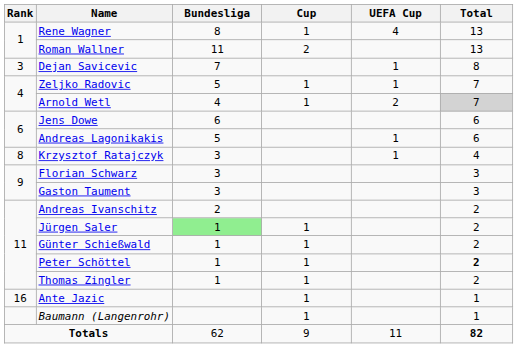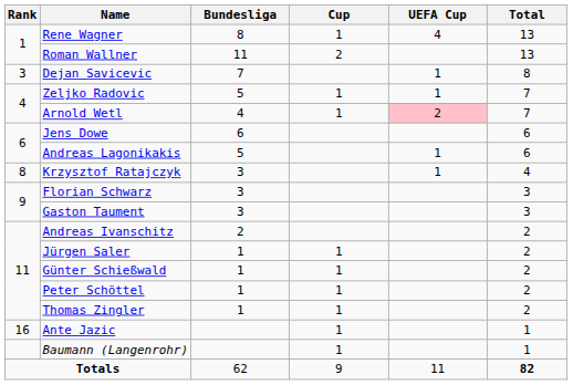 <table class="wikitable" style="text-align: center;">
 <tr>
 <th>Rank</th>
 <th>Name</th>
 <th width=100>Bundesliga</th>
 <th width=100>Cup</th>
 <th width=100>UEFA Cup</th>
 <th width=80><strong>Total</strong></th>
 </tr>
 <tr>
 <td rowspan="2">1</td>
 <td align="left"> <a href='#'>Rene Wagner</a></td>
 <td>8</td>
 <td>1</td>
 <td>4</td>
 <td>13</td>
 </tr>
 <tr>
 <td align="left"> <a href='#'>Roman Wallner</a></td>
 <td>11</td>
 <td>2</td>
 <td></td>
 <td>13</td>
 </tr>
 <tr>
 <td>3</td>
 <td align="left"> <a href='#'>Dejan Savicevic</a></td>
 <td>7</td>
 <td></td>
 <td>1</td>
 <td>8</td>
 </tr>
 <tr>
 <td rowspan="2">4</td>
 <td align="left"> <a href='#'>Zeljko Radovic</a></td>
 <td>5</td>
 <td>1</td>
 <td>1</td>
 <td>7</td>
 </tr>
 <tr>
 <td align="left"> <a href='#'>Arnold Wetl</a></td>
 <td>4</td>
 <td>1</td>
-<td>2</td>
-<td style="background: lightgrey;">7</td>
+<td style="background: pink;">2</td>
+<td>7</td>
 </tr>
 <tr>
 <td rowspan="2">6</td>
 <td align="left"> <a href='#'>Jens Dowe</a></td>
 <td>6</td>
 <td></td>
 <td></td>
 <td>6</td>
 </tr>
 <tr>
 <td align="left"> <a href='#'>Andreas Lagonikakis</a></td>
 <td>5</td>
 <td></td>
 <td>1</td>
 <td>6</td>
 </tr>
 <tr>
 <td>8</td>
 <td align="left"> <a href='#'>Krzysztof Ratajczyk</a></td>
 <td>3</td>
 <td></td>
 <td>1</td>
 <td>4</td>
 </tr>
 <tr>
 <td rowspan="2">9</td>
 <td align="left"> <a href='#'>Florian Schwarz</a></td>
 <td>3</td>
 <td></td>
 <td></td>
 <td>3</td>
 </tr>
 <tr>
 <td align="left"> <a href='#'>Gaston Taument</a></td>
 <td>3</td>
 <td></td>
 <td></td>
 <td>3</td>
 </tr>
 <tr>
 <td rowspan="5">11</td>
 <td align="left"> <a href='#'>Andreas Ivanschitz</a></td>
 <td>2</td>
 <td></td>
 <td></td>
 <td>2</td>
 </tr>
 <tr>
 <td align="left"> <a href='#'>Jürgen Saler</a></td>
-<td style="background: lightgreen;">1</td>
+<td>1</td>
 <td>1</td>
 <td></td>
 <td>2</td>
 </tr>
 <tr>
 <td align="left"> <a href='#'>Günter Schießwald</a></td>
 <td>1</td>
 <td>1</td>
 <td></td>
 <td>2</td>
 </tr>
 <tr>
 <td align="left"> <a href='#'>Peter Schöttel</a></td>
 <td>1</td>
 <td>1</td>
 <td></td>
-<td><strong>2</strong></td>
+<td>2</td>
 </tr>
 <tr>
 <td align="left"> <a href='#'>Thomas Zingler</a></td>
 <td>1</td>
 <td>1</td>
 <td></td>
 <td>2</td>
 </tr>
 <tr>
 <td>16</td>
 <td align="left"> <a href='#'>Ante Jazic</a></td>
 <td></td>
 <td>1</td>
 <td></td>
 <td>1</td>
 </tr>
 <tr>
 <td rowspan="1"></td>
 <td align="left"> <em>Baumann (Langenrohr)</em></td>
 <td></td>
 <td>1</td>
 <td></td>
 <td>1</td>
 </tr>
 <tr>
 <td colspan="2"><strong>Totals</strong></td>
 <td>62</td>
 <td>9</td>
 <td>11</td>
 <td><strong>82</strong></td>
 </tr>
 </table>
